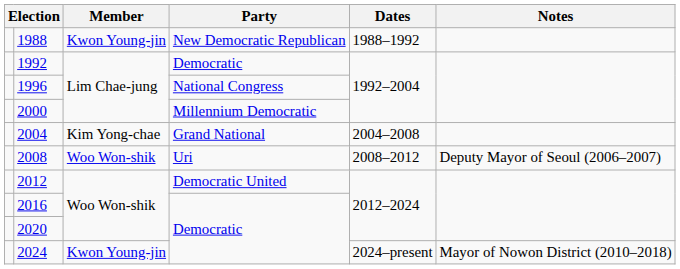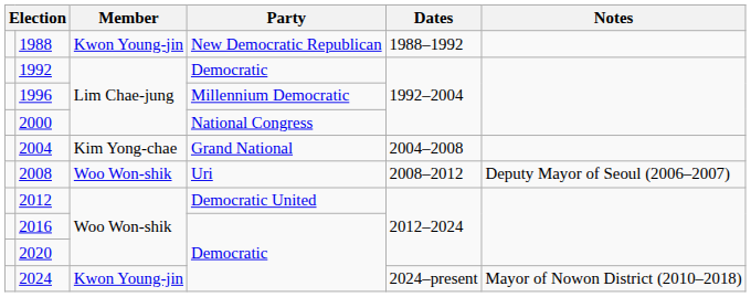 <table class="wikitable">
 <tr>
 <th colspan="2">Election</th>
 <th>Member</th>
 <th>Party</th>
 <th>Dates</th>
 <th>Notes</th>
 </tr>
 <tr>
 <td></td>
 <td><a href='#'>1988</a></td>
 <td><a href='#'>Kwon Young-jin</a></td>
 <td><a href='#'>New Democratic Republican</a></td>
 <td>1988–1992</td>
 <td></td>
 </tr>
 <tr>
 <td></td>
 <td><a href='#'>1992</a></td>
 <td rowspan="3">Lim Chae-jung</td>
 <td><a href='#'>Democratic</a></td>
 <td rowspan="3">1992–2004</td>
 <td rowspan="3"></td>
 </tr>
 <tr>
 <td></td>
 <td><a href='#'>1996</a></td>
-<td><a href='#'>National Congress</a></td>
+<td><a href='#'>Millennium Democratic</a></td>
 </tr>
 <tr>
 <td></td>
 <td><a href='#'>2000</a></td>
-<td><a href='#'>Millennium Democratic</a></td>
+<td><a href='#'>National Congress</a></td>
 </tr>
 <tr>
 <td></td>
 <td><a href='#'>2004</a></td>
 <td>Kim Yong-chae</td>
 <td><a href='#'>Grand National</a></td>
 <td>2004–2008</td>
 <td></td>
 </tr>
 <tr>
 <td></td>
 <td><a href='#'>2008</a></td>
 <td><a href='#'>Woo Won-shik</a></td>
 <td><a href='#'>Uri</a></td>
 <td>2008–2012</td>
 <td>Deputy Mayor of Seoul (2006–2007)</td>
 </tr>
 <tr>
 <td></td>
 <td><a href='#'>2012</a></td>
 <td rowspan="3">Woo Won-shik</td>
 <td><a href='#'>Democratic United</a></td>
 <td rowspan="3">2012–2024</td>
 <td rowspan="3"></td>
 </tr>
 <tr>
 <td></td>
 <td><a href='#'>2016</a></td>
 <td rowspan="3"><a href='#'>Democratic</a></td>
 </tr>
 <tr>
 <td></td>
 <td><a href='#'>2020</a></td>
 </tr>
 <tr>
 <td></td>
 <td><a href='#'>2024</a></td>
 <td><a href='#'>Kwon Young-jin</a></td>
 <td>2024–present</td>
 <td>Mayor of Nowon District (2010–2018)</td>
 </tr>
 </table>
